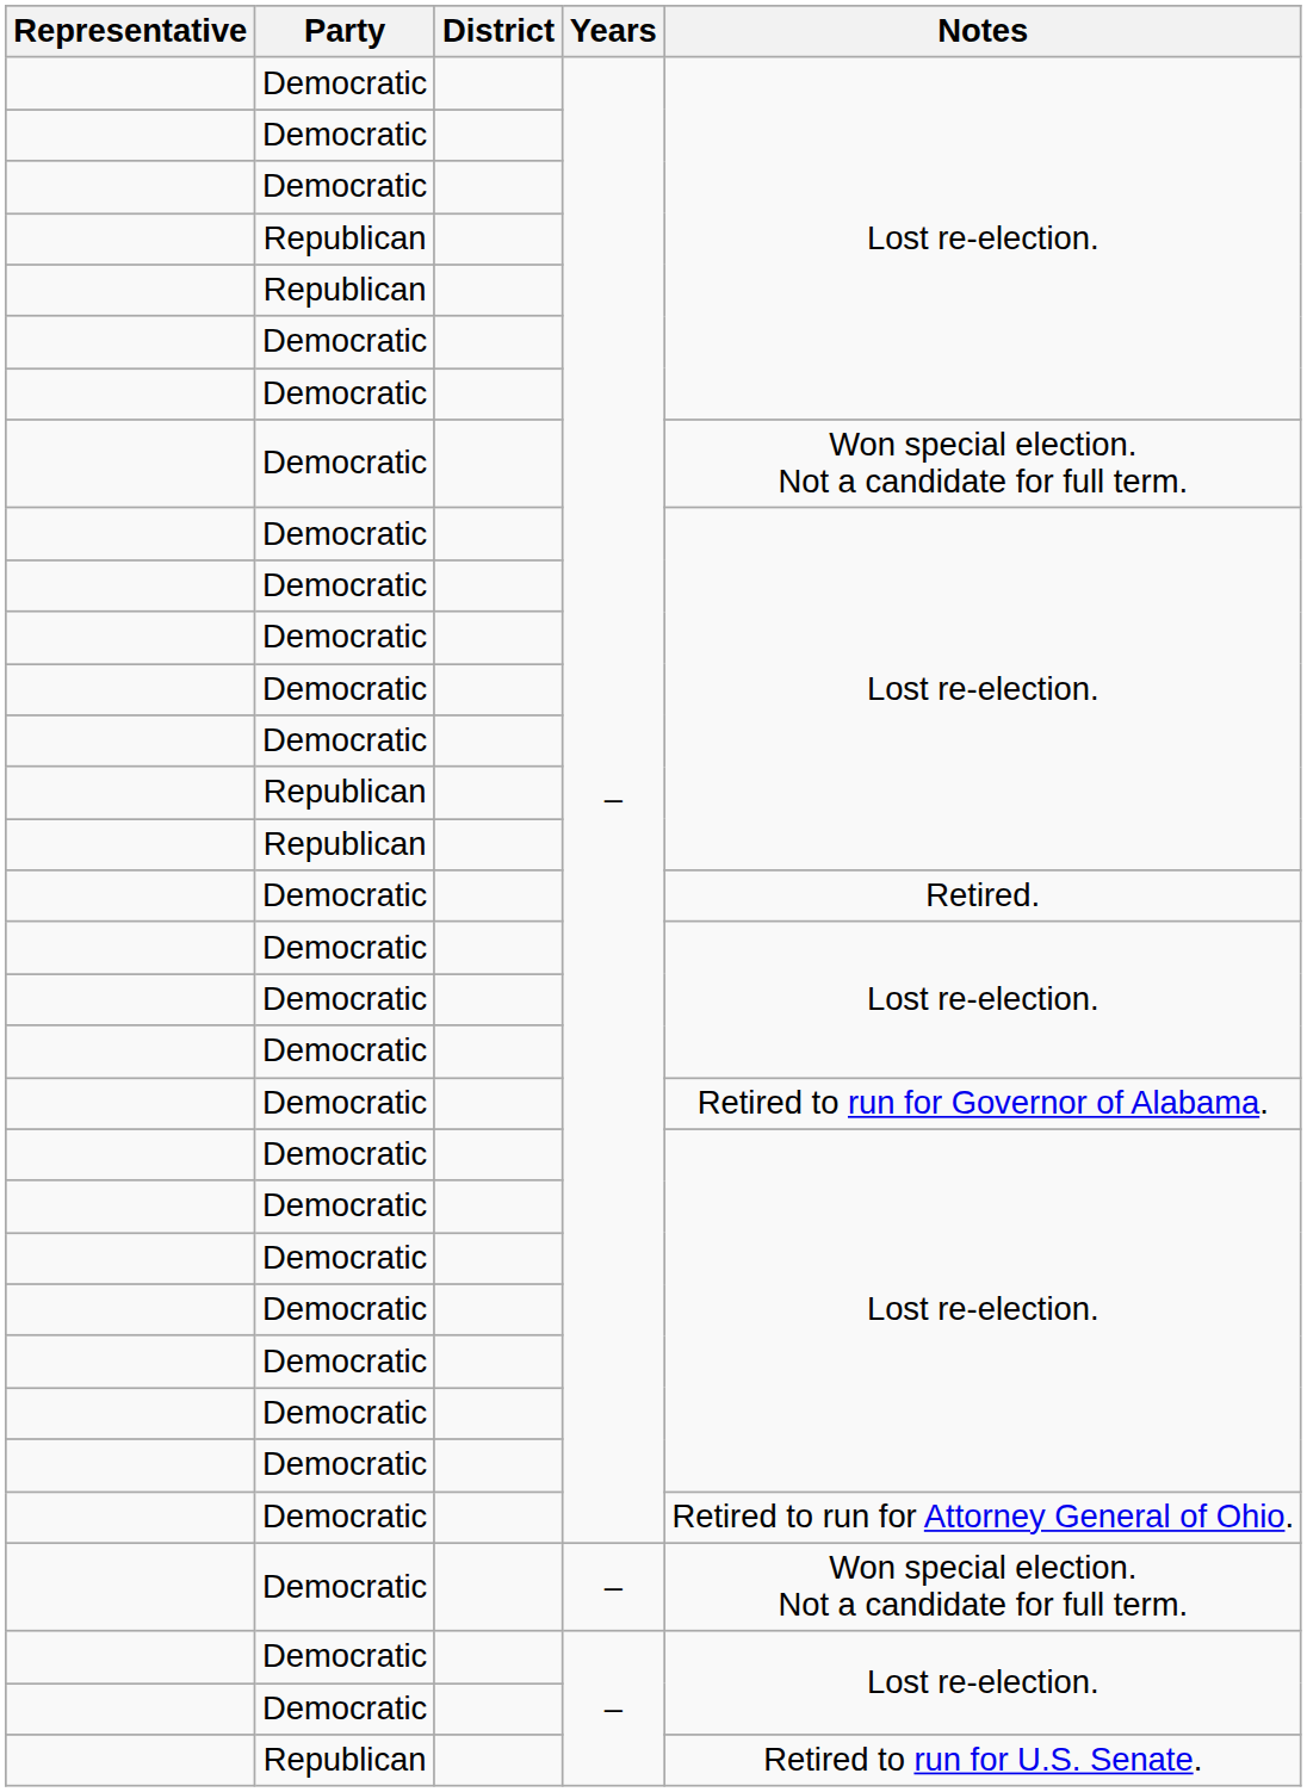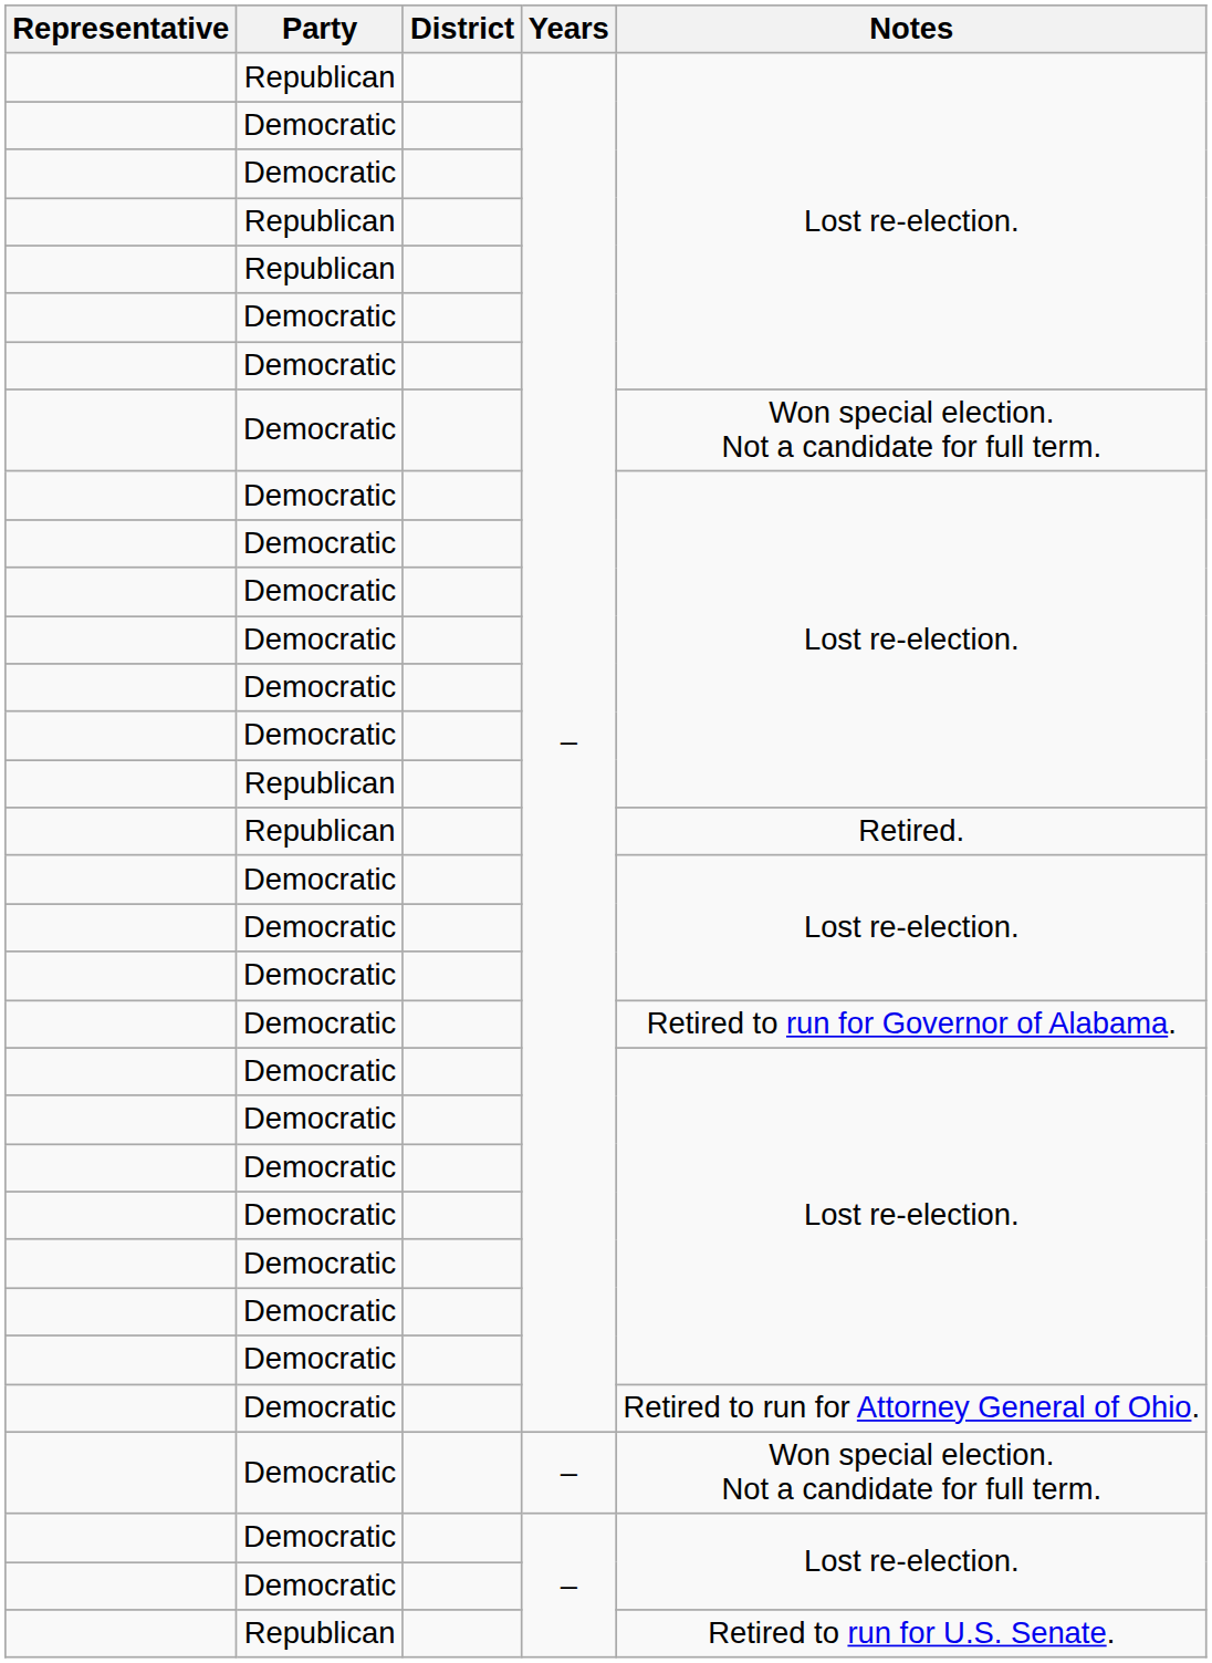 <table class="wikitable sortable" style="text-align:center">
 <tr valign=bottom>
 <th>Representative</th>
 <th>Party</th>
 <th>District</th>
 <th>Years</th>
 <th>Notes</th>
 </tr>
 <tr>
 <td align=left></td>
-<td>Democratic</td>
+<td>Republican</td>
 <td></td>
 <td rowspan="28" nowrap=""> –<br></td>
 <td rowspan="7">Lost re-election.</td>
 </tr>
 <tr>
 <td align=left></td>
 <td>Democratic</td>
 <td></td>
 </tr>
 <tr>
 <td align=left></td>
 <td>Democratic</td>
 <td></td>
 </tr>
 <tr>
 <td align=left></td>
 <td>Republican</td>
 <td></td>
 </tr>
 <tr>
 <td align=left></td>
 <td>Republican</td>
 <td></td>
 </tr>
 <tr>
 <td align=left></td>
 <td>Democratic</td>
 <td></td>
 </tr>
 <tr>
 <td align=left></td>
 <td>Democratic</td>
 <td></td>
 </tr>
 <tr>
 <td align=left></td>
 <td>Democratic</td>
 <td></td>
 <td>Won special election.<br>Not a candidate for full term.</td>
 </tr>
 <tr>
 <td align=left></td>
 <td>Democratic</td>
 <td></td>
 <td rowspan="7">Lost re-election.</td>
 </tr>
 <tr>
 <td align=left></td>
 <td>Democratic</td>
 <td></td>
 </tr>
 <tr>
 <td align=left></td>
 <td>Democratic</td>
 <td></td>
 </tr>
 <tr>
 <td align=left></td>
 <td>Democratic</td>
 <td></td>
 </tr>
 <tr>
 <td align=left></td>
 <td>Democratic</td>
 <td></td>
 </tr>
 <tr>
 <td align=left></td>
-<td>Republican</td>
+<td>Democratic</td>
 <td></td>
 </tr>
 <tr>
 <td align=left></td>
 <td>Republican</td>
 <td></td>
 </tr>
 <tr>
 <td align=left></td>
-<td>Democratic</td>
+<td>Republican</td>
 <td></td>
 <td>Retired.</td>
 </tr>
 <tr>
 <td align=left></td>
 <td>Democratic</td>
 <td></td>
 <td rowspan="3">Lost re-election.</td>
 </tr>
 <tr>
 <td align=left></td>
 <td>Democratic</td>
 <td></td>
 </tr>
 <tr>
 <td align=left></td>
 <td>Democratic</td>
 <td></td>
 </tr>
 <tr>
 <td align=left></td>
 <td>Democratic</td>
 <td></td>
 <td>Retired to <a href='#'>run for Governor of Alabama</a>.</td>
 </tr>
 <tr>
 <td align=left></td>
 <td>Democratic</td>
 <td></td>
 <td rowspan="7">Lost re-election.</td>
 </tr>
 <tr>
 <td align=left></td>
 <td>Democratic</td>
 <td></td>
 </tr>
 <tr>
 <td align=left></td>
 <td>Democratic</td>
 <td></td>
 </tr>
 <tr>
 <td align=left></td>
 <td>Democratic</td>
 <td></td>
 </tr>
 <tr>
 <td align=left></td>
 <td>Democratic</td>
 <td></td>
 </tr>
 <tr>
 <td align=left></td>
 <td>Democratic</td>
 <td></td>
 </tr>
 <tr>
 <td align=left></td>
 <td>Democratic</td>
 <td></td>
 </tr>
 <tr>
 <td align=left></td>
 <td>Democratic</td>
 <td></td>
 <td>Retired to run for <a href='#'>Attorney General of Ohio</a>.</td>
 </tr>
 <tr>
 <td align=left></td>
 <td>Democratic</td>
 <td></td>
 <td nowrap> –<br></td>
 <td>Won special election.<br>Not a candidate for full term.</td>
 </tr>
 <tr>
 <td align=left></td>
 <td>Democratic</td>
 <td></td>
 <td rowspan="3" nowrap=""> –<br></td>
 <td rowspan="2">Lost re-election.</td>
 </tr>
 <tr>
 <td align=left></td>
 <td>Democratic</td>
 <td></td>
 </tr>
 <tr>
 <td align=left></td>
 <td>Republican</td>
 <td></td>
 <td>Retired to <a href='#'>run for U.S. Senate</a>.</td>
 </tr>
 </table>
